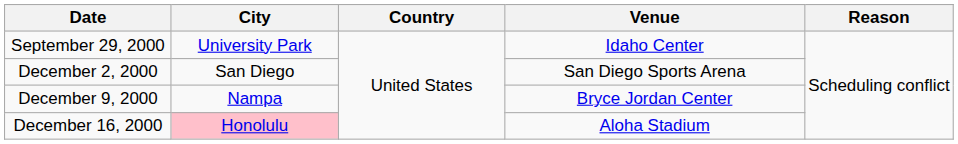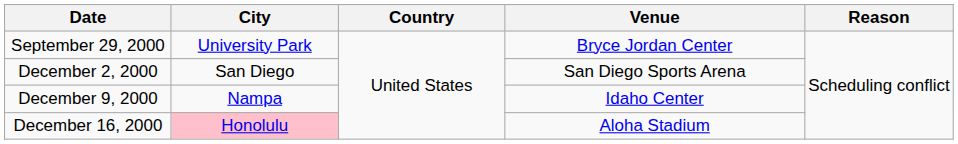 <table class="wikitable" style="text-align:center;">
 <tr>
 <th style="width:150px;">Date</th>
 <th style="width:150px;">City</th>
 <th style="width:150px;">Country</th>
 <th style="width:275px;">Venue</th>
 <th>Reason</th>
 </tr>
 <tr>
 <td>September 29, 2000</td>
 <td><a href='#'>University Park</a></td>
 <td rowspan="4">United States</td>
-<td><a href='#'>Idaho Center</a></td>
+<td><a href='#'>Bryce Jordan Center</a></td>
 <td rowspan="4">Scheduling conflict</td>
 </tr>
 <tr>
 <td>December 2, 2000</td>
 <td>San Diego</td>
 <td>San Diego Sports Arena</td>
 </tr>
 <tr>
 <td>December 9, 2000</td>
 <td><a href='#'>Nampa</a></td>
-<td><a href='#'>Bryce Jordan Center</a></td>
+<td><a href='#'>Idaho Center</a></td>
 </tr>
 <tr>
 <td>December 16, 2000</td>
 <td style="background: pink;"><a href='#'>Honolulu</a></td>
 <td><a href='#'>Aloha Stadium</a></td>
 </tr>
 </table>
